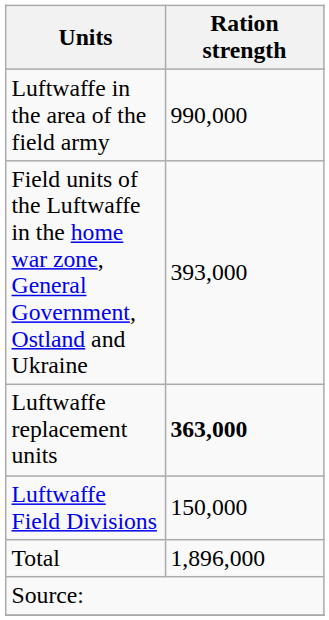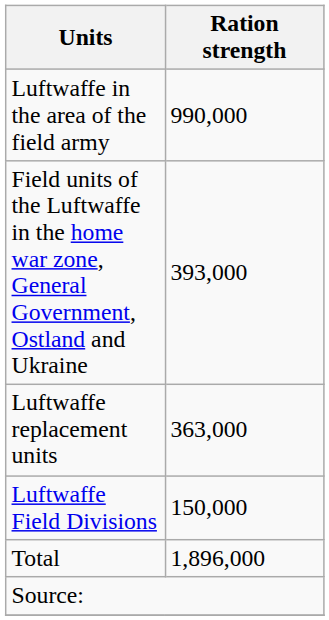 <table align=right class="wikitable">
 <tr>
 <th align="left" width="100"><strong>Units</strong></th>
 <th align="left" width="100"><strong>Ration strength</strong></th>
 </tr>
 <tr>
 <td>Luftwaffe in the area of the field army</td>
 <td>990,000</td>
 </tr>
 <tr>
 <td>Field units of the Luftwaffe in the <a href='#'>home war zone</a>, <a href='#'>General Government</a>, <a href='#'>Ostland</a> and Ukraine</td>
 <td>393,000</td>
 </tr>
 <tr>
 <td>Luftwaffe replacement units</td>
-<td><strong>363,000</strong></td>
+<td>363,000</td>
 </tr>
 <tr>
 <td><a href='#'>Luftwaffe Field Divisions</a></td>
 <td>150,000</td>
 </tr>
 <tr>
 <td>Total</td>
 <td>1,896,000</td>
 </tr>
 <tr>
 <td colspan=2>Source:</td>
 </tr>
 <tr>
 </tr>
 </table>
